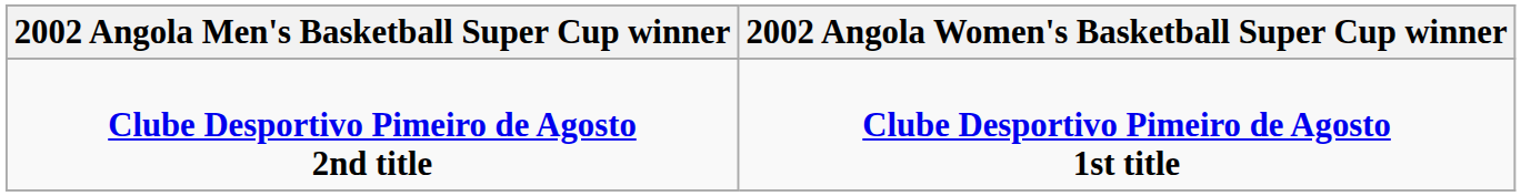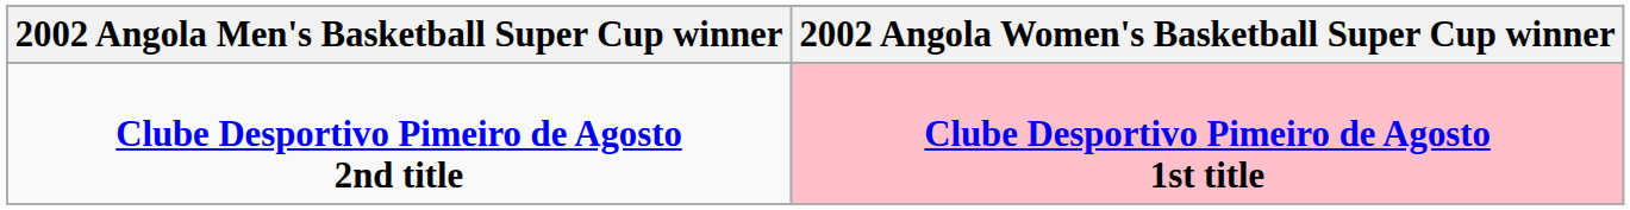 <table class=wikitable style="text-align:center; margin:auto">
 <tr>
 <th>2002 Angola Men's Basketball Super Cup winner</th>
 <th>2002 Angola Women's Basketball Super Cup winner</th>
 </tr>
 <tr>
 <td><br><strong><a href='#'>Clube Desportivo Pimeiro de Agosto</a></strong><br><strong>2nd title</strong></td>
-<td><br><strong><a href='#'>Clube Desportivo Pimeiro de Agosto</a></strong><br><strong>1st title</strong></td>
+<td style="background: pink;"><br><strong><a href='#'>Clube Desportivo Pimeiro de Agosto</a></strong><br><strong>1st title</strong></td>
 </tr>
 </table>
